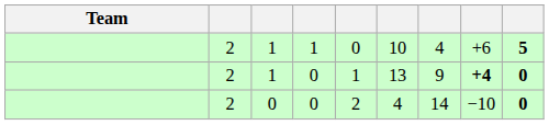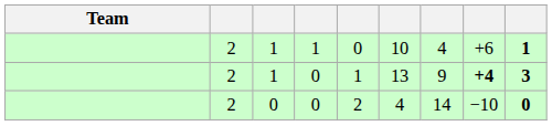 <table class="wikitable" style="text-align:center;">
 <tr>
 <th width=175>Team</th>
 <th width=30></th>
 <th width=30></th>
 <th width=30></th>
 <th width=30></th>
 <th width=30></th>
 <th width=30></th>
 <th width=30></th>
 <th width=30></th>
 </tr>
 <tr align=center style="background:#ccffcc;">
 <td style="text-align:left;"></td>
 <td>2</td>
 <td>1</td>
 <td>1</td>
 <td>0</td>
 <td>10</td>
 <td>4</td>
 <td>+6</td>
-<td><strong>5</strong></td>
+<td><strong>1</strong></td>
 </tr>
 <tr align=center style="background:#ccffcc;">
 <td style="text-align:left;"></td>
 <td>2</td>
 <td>1</td>
 <td>0</td>
 <td>1</td>
 <td>13</td>
 <td>9</td>
 <td><strong>+4</strong></td>
-<td><strong>0</strong></td>
+<td><strong>3</strong></td>
 </tr>
 <tr align=center style="background:#ccffcc;">
 <td style="text-align:left;"></td>
 <td>2</td>
 <td>0</td>
 <td>0</td>
 <td>2</td>
 <td>4</td>
 <td>14</td>
 <td>−10</td>
 <td><strong>0</strong></td>
 </tr>
 </table>
